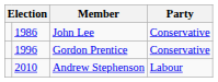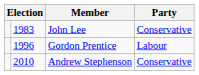 <table class="wikitable">
 <tr>
 <th colspan="2">Election</th>
 <th>Member</th>
 <th>Party</th>
 </tr>
 <tr>
 <td style="color:inherit;background-color: "></td>
-<td><a href='#'>1986</a></td>
+<td><a href='#'>1983</a></td>
 <td><a href='#'>John Lee</a></td>
 <td><a href='#'>Conservative</a></td>
 </tr>
 <tr>
 <td style="color:inherit;background-color: "></td>
 <td><a href='#'>1996</a></td>
 <td><a href='#'>Gordon Prentice</a></td>
-<td><a href='#'>Conservative</a></td>
+<td><a href='#'>Labour</a></td>
 </tr>
 <tr>
 <td style="color:inherit;background-color: "></td>
 <td><a href='#'>2010</a></td>
 <td><a href='#'>Andrew Stephenson</a></td>
-<td><a href='#'>Labour</a></td>
+<td><a href='#'>Conservative</a></td>
 </tr>
 </table>
